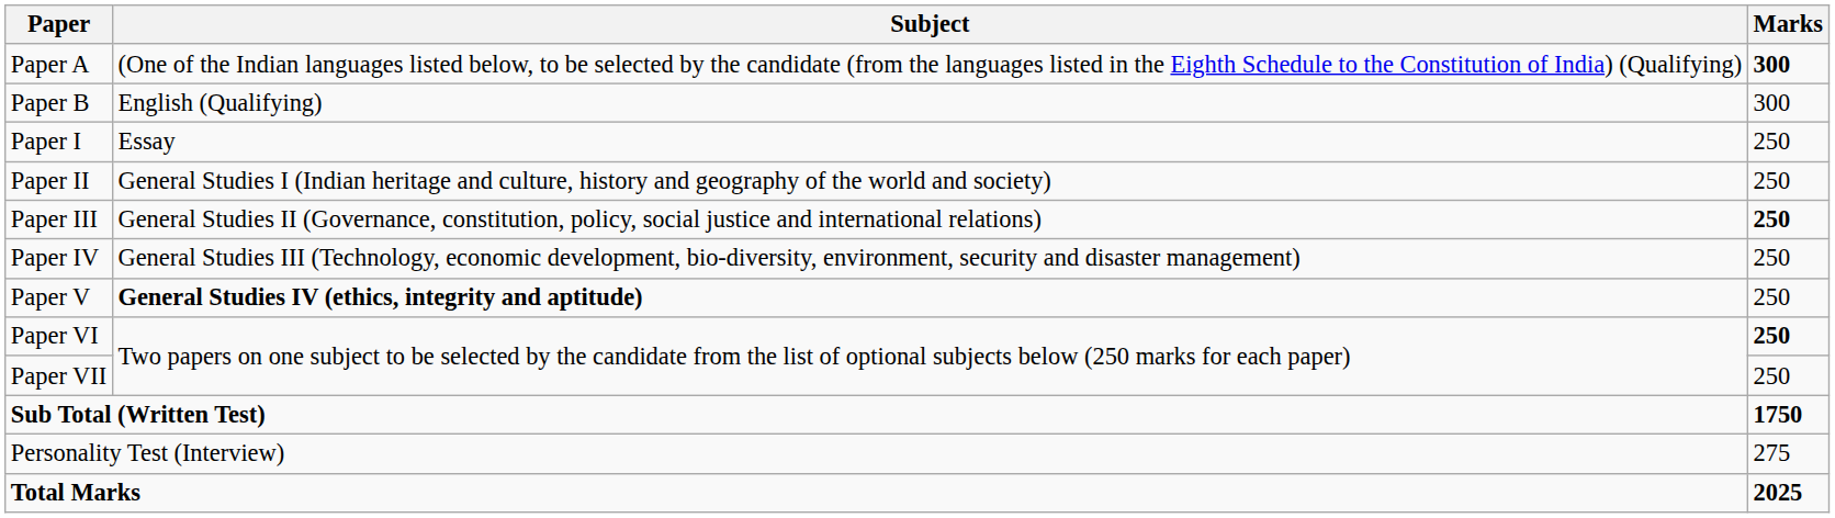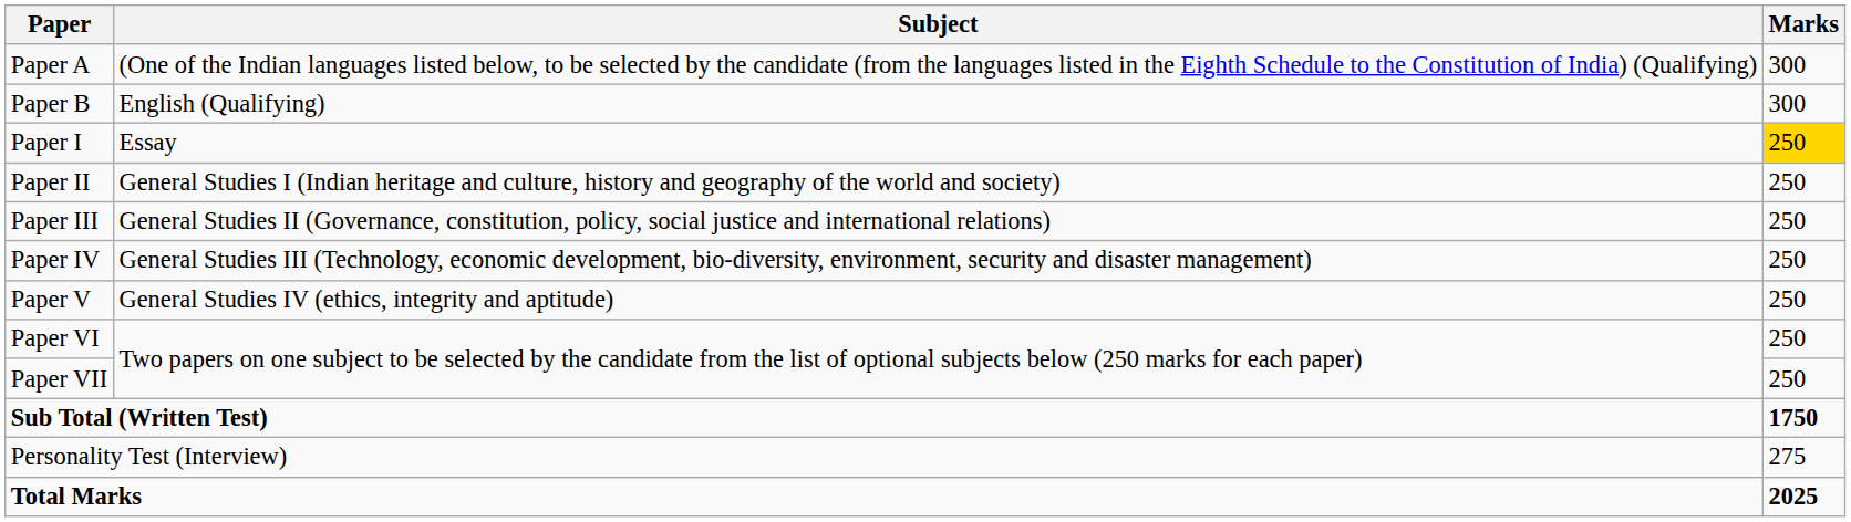 <table class="wikitable">
 <tr>
 <th>Paper</th>
 <th>Subject</th>
 <th>Marks</th>
 </tr>
 <tr>
 <td>Paper A</td>
 <td>(One of the Indian languages listed below, to be selected by the candidate (from the languages listed in the <a href='#'>Eighth Schedule to the Constitution of India</a>) (Qualifying)</td>
-<td><strong>300</strong></td>
+<td>300</td>
 </tr>
 <tr>
 <td>Paper B</td>
 <td>English (Qualifying)</td>
 <td>300</td>
 </tr>
 <tr>
 <td>Paper I</td>
 <td>Essay</td>
-<td>250</td>
+<td style="background: gold;">250</td>
 </tr>
 <tr>
 <td>Paper II</td>
 <td>General Studies I (Indian heritage and culture, history and geography of the world and society)</td>
 <td>250</td>
 </tr>
 <tr>
 <td>Paper III</td>
 <td>General Studies II (Governance, constitution, policy, social justice and international relations)</td>
-<td><strong>250</strong></td>
+<td>250</td>
 </tr>
 <tr>
 <td>Paper IV</td>
 <td>General Studies III (Technology, economic development, bio-diversity, environment, security and disaster management)</td>
 <td>250</td>
 </tr>
 <tr>
 <td>Paper V</td>
-<td><strong>General Studies IV (ethics, integrity and aptitude)</strong></td>
+<td>General Studies IV (ethics, integrity and aptitude)</td>
 <td>250</td>
 </tr>
 <tr>
 <td>Paper VI</td>
 <td rowspan="2">Two papers on one subject to be selected by the candidate from the list of optional subjects below (250 marks for each paper)</td>
-<td><strong>250</strong></td>
+<td>250</td>
 </tr>
 <tr>
 <td>Paper VII</td>
 <td>250</td>
 </tr>
 <tr>
 <td colspan="2"><strong>Sub Total (Written Test)</strong></td>
 <td><strong>1750</strong></td>
 </tr>
 <tr>
 <td colspan="2">Personality Test (Interview)</td>
 <td>275</td>
 </tr>
 <tr>
 <td colspan="2"><strong>Total Marks</strong></td>
 <td><strong>2025</strong></td>
 </tr>
 </table>
